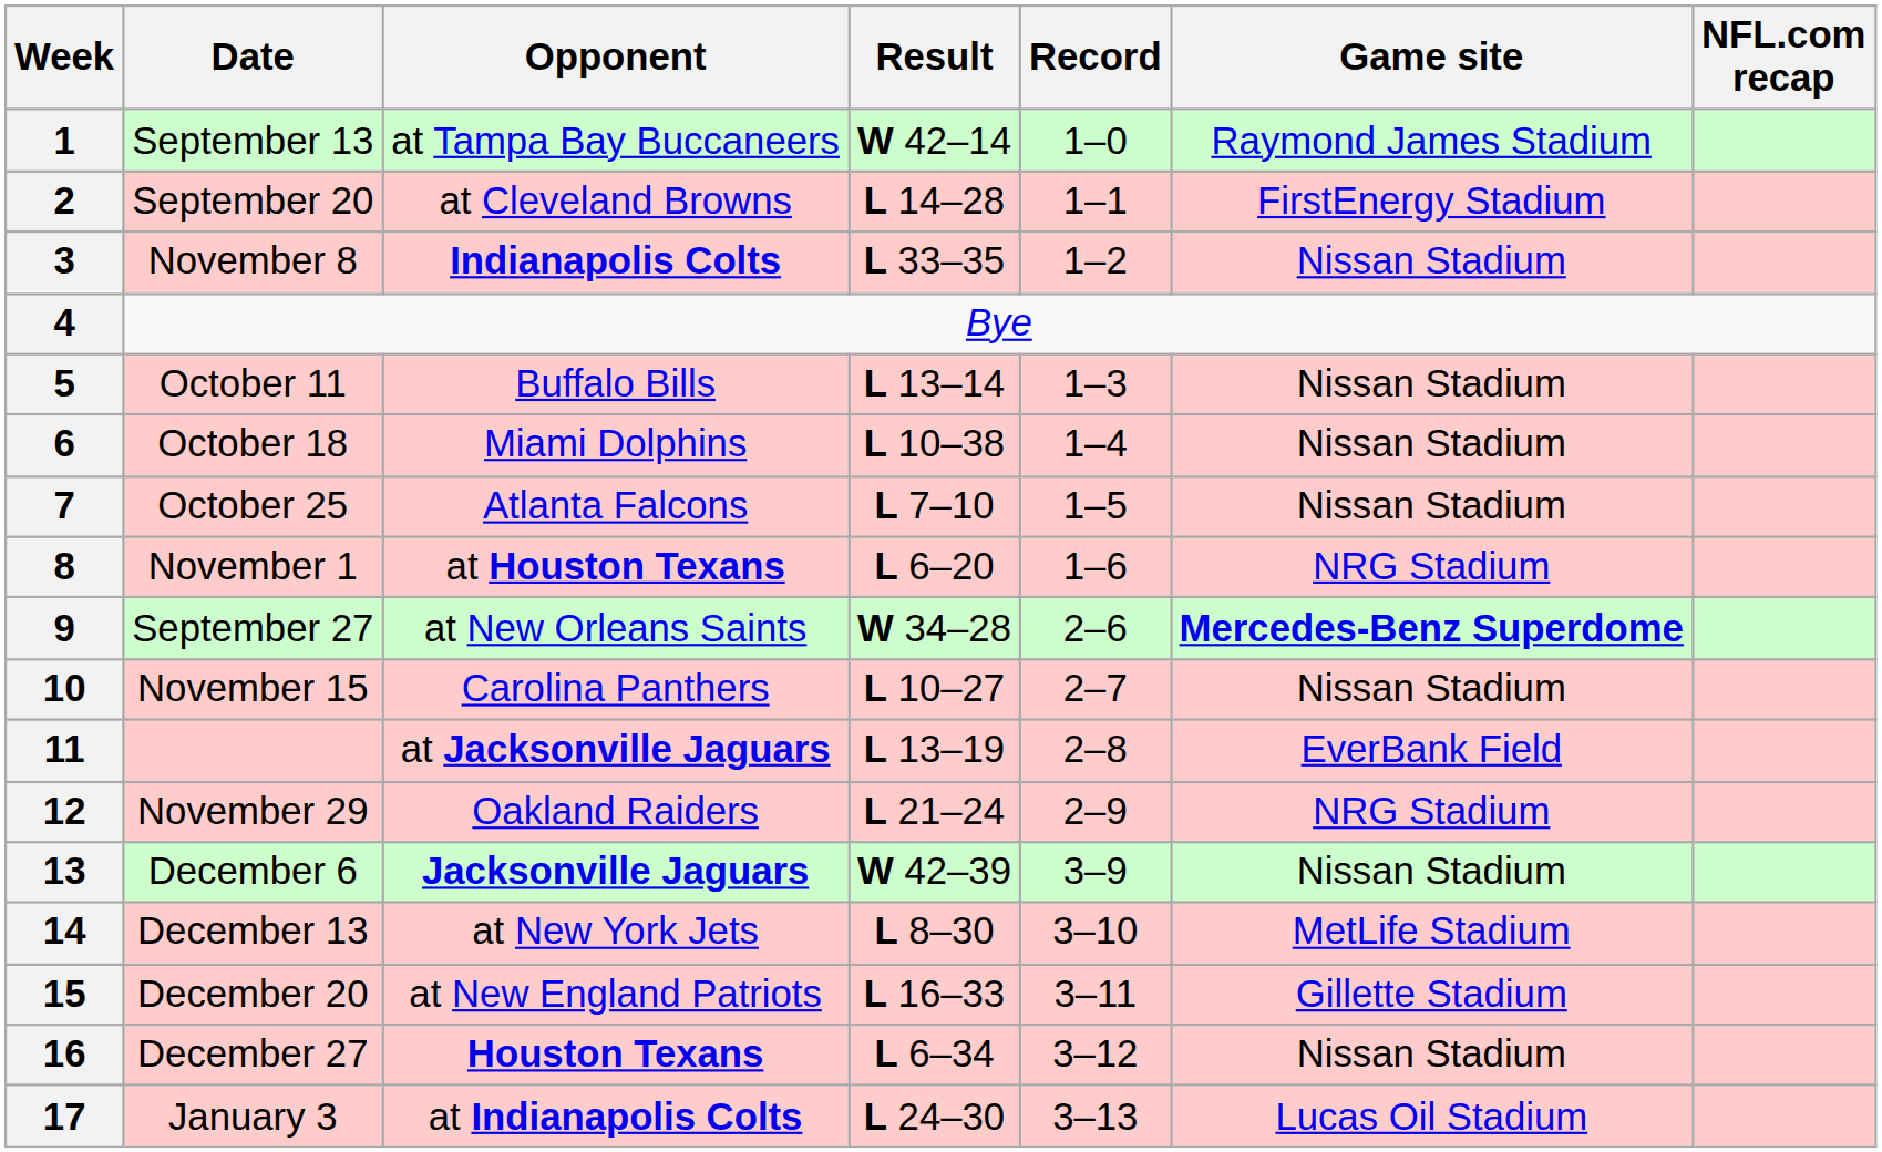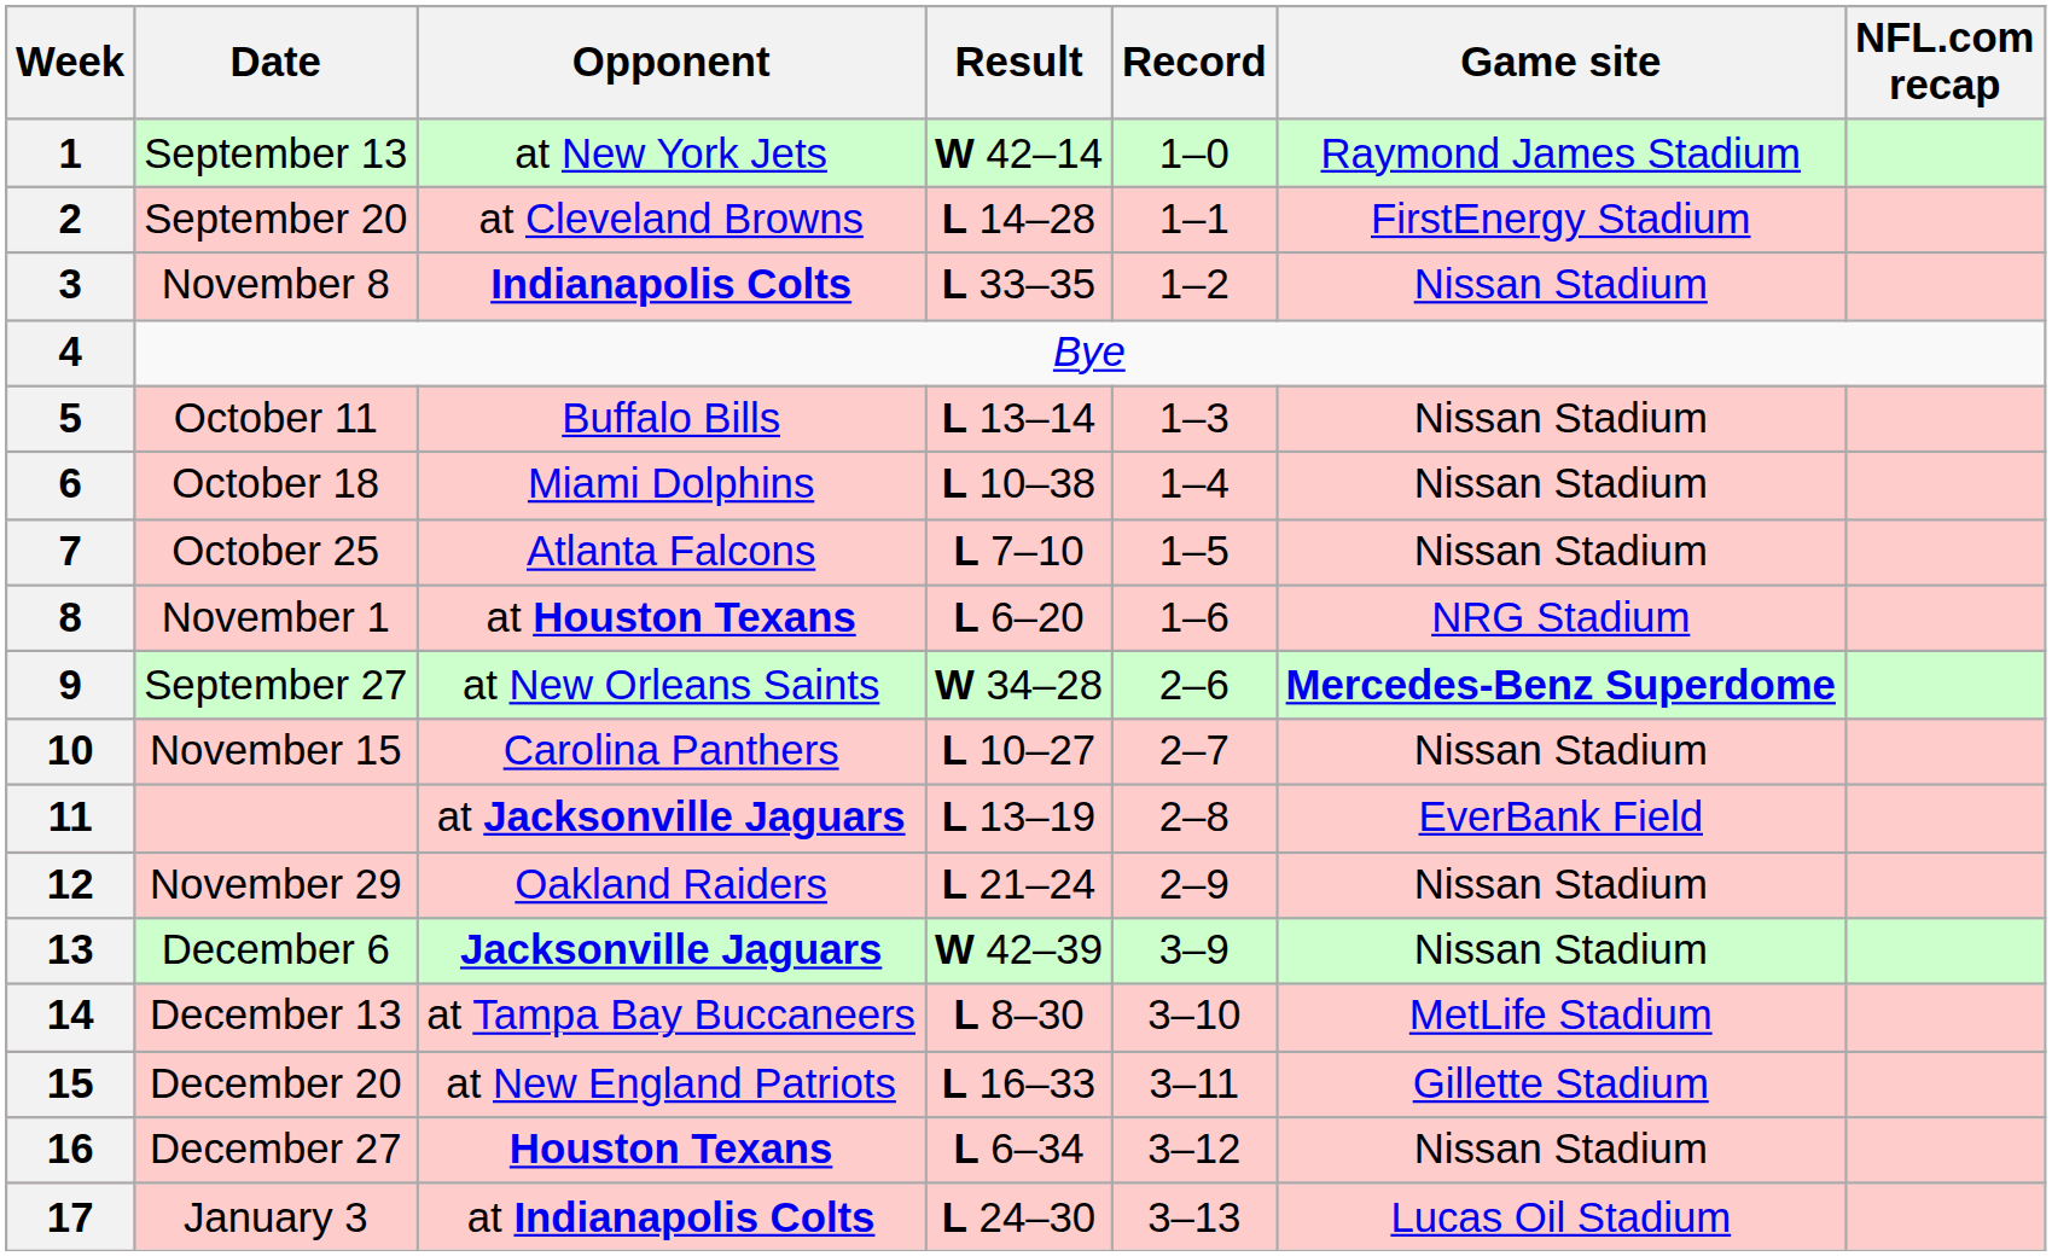 <table class="wikitable" style="text-align:center">
 <tr>
 <th>Week</th>
 <th>Date</th>
 <th>Opponent</th>
 <th>Result</th>
 <th>Record</th>
 <th>Game site</th>
 <th>NFL.com<br>recap</th>
 </tr>
 <tr style="background:#cfc">
 <th>1</th>
 <td>September 13</td>
-<td>at <a href='#'>Tampa Bay Buccaneers</a></td>
+<td>at <a href='#'>New York Jets</a></td>
 <td><strong>W</strong> 42–14</td>
 <td>1–0</td>
 <td><a href='#'>Raymond James Stadium</a></td>
 <td></td>
 </tr>
 <tr style="background:#fcc">
 <th>2</th>
 <td>September 20</td>
 <td>at <a href='#'>Cleveland Browns</a></td>
 <td><strong>L</strong> 14–28</td>
 <td>1–1</td>
 <td><a href='#'>FirstEnergy Stadium</a></td>
 <td></td>
 </tr>
 <tr style="background:#fcc">
 <th>3</th>
 <td>November 8</td>
 <td><strong><a href='#'>Indianapolis Colts</a></strong></td>
 <td><strong>L</strong> 33–35</td>
 <td>1–2</td>
 <td><a href='#'>Nissan Stadium</a></td>
 <td></td>
 </tr>
 <tr>
 <th>4</th>
 <td colspan=8><em><a href='#'>Bye</a></em></td>
 </tr>
 <tr style="background:#fcc">
 <th>5</th>
 <td>October 11</td>
 <td><a href='#'>Buffalo Bills</a></td>
 <td><strong>L</strong> 13–14</td>
 <td>1–3</td>
 <td>Nissan Stadium</td>
 <td></td>
 </tr>
 <tr style="background:#fcc">
 <th>6</th>
 <td>October 18</td>
 <td><a href='#'>Miami Dolphins</a></td>
 <td><strong>L</strong> 10–38</td>
 <td>1–4</td>
 <td>Nissan Stadium</td>
 <td></td>
 </tr>
 <tr style="background:#fcc">
 <th>7</th>
 <td>October 25</td>
 <td><a href='#'>Atlanta Falcons</a></td>
 <td><strong>L</strong> 7–10</td>
 <td>1–5</td>
 <td>Nissan Stadium</td>
 <td></td>
 </tr>
 <tr style="background:#fcc">
 <th>8</th>
 <td>November 1</td>
 <td>at <strong><a href='#'>Houston Texans</a></strong></td>
 <td><strong>L</strong> 6–20</td>
 <td>1–6</td>
 <td><a href='#'>NRG Stadium</a></td>
 <td></td>
 </tr>
 <tr style="background:#cfc">
 <th>9</th>
 <td>September 27</td>
 <td>at <a href='#'>New Orleans Saints</a></td>
 <td><strong>W</strong> 34–28 </td>
 <td>2–6</td>
 <td><strong><a href='#'>Mercedes-Benz Superdome</a></strong></td>
 <td></td>
 </tr>
 <tr style="background:#fcc">
 <th>10</th>
 <td>November 15</td>
 <td><a href='#'>Carolina Panthers</a></td>
 <td><strong>L</strong> 10–27</td>
 <td>2–7</td>
 <td>Nissan Stadium</td>
 <td></td>
 </tr>
 <tr style="background:#fcc">
 <th>11</th>
 <td></td>
 <td>at <strong><a href='#'>Jacksonville Jaguars</a></strong></td>
 <td><strong>L</strong> 13–19</td>
 <td>2–8</td>
 <td><a href='#'>EverBank Field</a></td>
 <td></td>
 </tr>
 <tr style="background:#fcc">
 <th>12</th>
 <td>November 29</td>
 <td><a href='#'>Oakland Raiders</a></td>
 <td><strong>L</strong> 21–24</td>
 <td>2–9</td>
-<td><a href='#'>NRG Stadium</a></td>
+<td>Nissan Stadium</td>
 <td></td>
 </tr>
 <tr style="background:#cfc">
 <th>13</th>
 <td>December 6</td>
 <td><strong><a href='#'>Jacksonville Jaguars</a></strong></td>
 <td><strong>W</strong> 42–39</td>
 <td>3–9</td>
 <td>Nissan Stadium</td>
 <td></td>
 </tr>
 <tr style="background:#fcc">
 <th>14</th>
 <td>December 13</td>
-<td>at <a href='#'>New York Jets</a></td>
+<td>at <a href='#'>Tampa Bay Buccaneers</a></td>
 <td><strong>L</strong> 8–30</td>
 <td>3–10</td>
 <td><a href='#'>MetLife Stadium</a></td>
 <td></td>
 </tr>
 <tr style="background:#fcc">
 <th>15</th>
 <td>December 20</td>
 <td>at <a href='#'>New England Patriots</a></td>
 <td><strong>L</strong> 16–33</td>
 <td>3–11</td>
 <td><a href='#'>Gillette Stadium</a></td>
 <td></td>
 </tr>
 <tr style="background:#fcc">
 <th>16</th>
 <td>December 27</td>
 <td><strong><a href='#'>Houston Texans</a></strong></td>
 <td><strong>L</strong> 6–34</td>
 <td>3–12</td>
 <td>Nissan Stadium</td>
 <td></td>
 </tr>
 <tr style="background:#fcc">
 <th>17</th>
 <td>January 3</td>
 <td>at <strong><a href='#'>Indianapolis Colts</a></strong></td>
 <td><strong>L</strong> 24–30</td>
 <td>3–13</td>
 <td><a href='#'>Lucas Oil Stadium</a></td>
 <td></td>
 </tr>
 </table>
